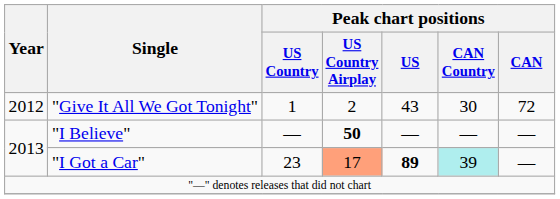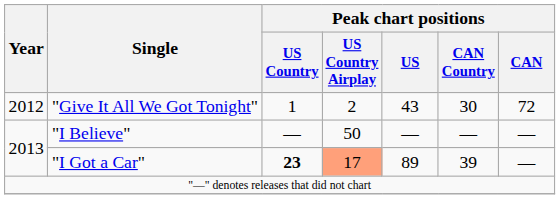 <table class="wikitable" style="text-align:center;">
 <tr>
 <th rowspan="2">Year</th>
 <th rowspan="2">Single</th>
 <th colspan="5">Peak chart positions</th>
 </tr>
 <tr style="font-size:smaller;">
 <th width="45"><a href='#'>US Country</a></th>
 <th width="45"><a href='#'>US Country Airplay</a></th>
 <th width="45"><a href='#'>US</a></th>
 <th width="45"><a href='#'>CAN Country</a><br></th>
 <th width="45"><a href='#'>CAN</a></th>
 </tr>
 <tr>
 <td>2012</td>
 <td align="left">"<a href='#'>Give It All We Got Tonight</a>"</td>
 <td>1</td>
 <td>2</td>
 <td>43</td>
 <td>30</td>
 <td>72</td>
 </tr>
 <tr>
 <td rowspan="2">2013</td>
 <td align="left">"<a href='#'>I Believe</a>"</td>
 <td>—</td>
-<td><strong>50</strong></td>
+<td>50</td>
 <td>—</td>
 <td>—</td>
 <td>—</td>
 </tr>
 <tr>
 <td align="left">"<a href='#'>I Got a Car</a>"</td>
-<td>23</td>
+<td><strong>23</strong></td>
 <td style="background: lightsalmon;">17</td>
-<td><strong>89</strong></td>
-<td style="background: paleturquoise;">39</td>
+<td>89</td>
+<td>39</td>
 <td>—</td>
 </tr>
 <tr>
 <td colspan="7" style="font-size:8pt">"—" denotes releases that did not chart</td>
 </tr>
 <tr>
 </tr>
 </table>
